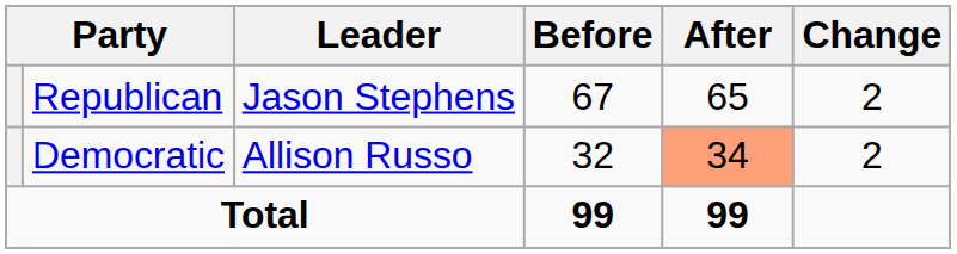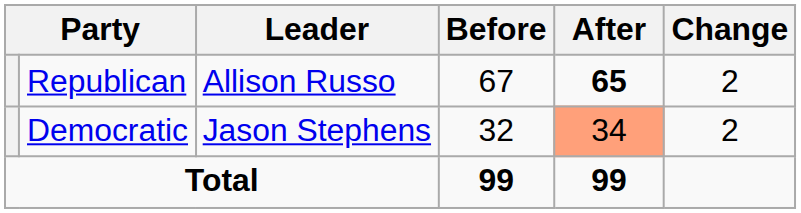 <table class="wikitable" style="text-align:center;">
 <tr>
 </tr>
 <tr>
 <th colspan="2">Party</th>
 <th>Leader</th>
 <th style="width:3em">Before</th>
 <th style="width:3em">After</th>
 <th style="width:3em">Change</th>
 </tr>
 <tr>
 <th style="background-color:"></th>
 <td style="text-align:left;"><a href='#'>Republican</a></td>
-<td style="text-align:left;"><a href='#'>Jason Stephens</a></td>
+<td style="text-align:left;"><a href='#'>Allison Russo</a></td>
 <td>67</td>
-<td>65</td>
+<td><strong>65</strong></td>
 <td> 2</td>
 </tr>
 <tr>
 <th style="background-color:"></th>
 <td style="text-align:left;"><a href='#'>Democratic</a></td>
-<td style="text-align:left;"><a href='#'>Allison Russo</a></td>
+<td style="text-align:left;"><a href='#'>Jason Stephens</a></td>
 <td>32</td>
 <td style="background: lightsalmon;">34</td>
 <td> 2</td>
 </tr>
 <tr>
 <td colspan="3"><strong>Total</strong></td>
 <td><strong>99</strong></td>
 <td><strong>99</strong></td>
 <td></td>
 </tr>
 </table>
